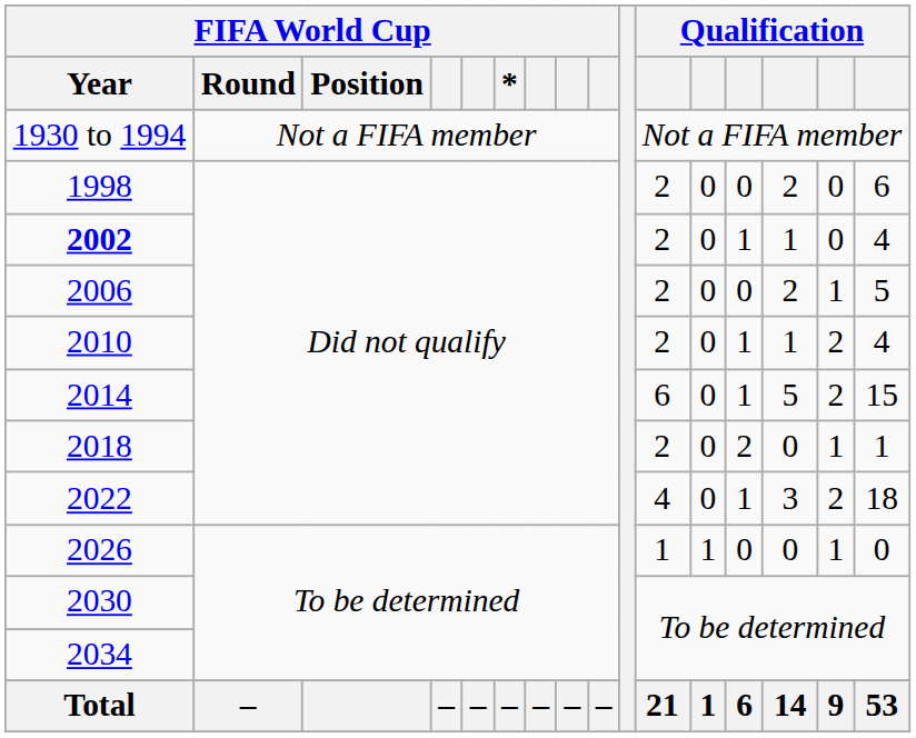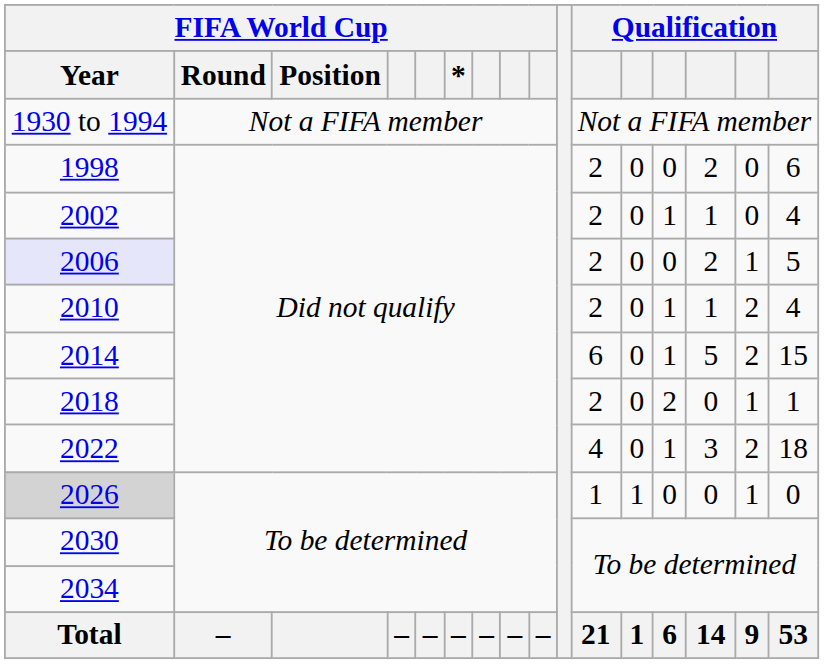 <table class="wikitable" style="text-align: center;">
 <tr>
 <th colspan=9><a href='#'>FIFA World Cup</a></th>
 <th rowspan=14></th>
 <th colspan=6><a href='#'>Qualification</a></th>
 </tr>
 <tr>
 <th>Year</th>
 <th>Round</th>
 <th>Position</th>
 <th></th>
 <th></th>
 <th>*</th>
 <th></th>
 <th></th>
 <th></th>
 <th></th>
 <th></th>
 <th></th>
 <th></th>
 <th></th>
 <th></th>
 </tr>
 <tr>
 <td><a href='#'>1930</a> to <a href='#'>1994</a></td>
 <td colspan=8><em>Not a FIFA member</em></td>
 <td colspan=6><em>Not a FIFA member</em></td>
 </tr>
 <tr>
 <td> <a href='#'>1998</a></td>
 <td colspan=8 rowspan=7><em>Did not qualify</em></td>
 <td>2</td>
 <td>0</td>
 <td>0</td>
 <td>2</td>
 <td>0</td>
 <td>6</td>
 </tr>
 <tr>
-<td><strong>  <a href='#'>2002</a></strong></td>
+<td>  <a href='#'>2002</a></td>
 <td>2</td>
 <td>0</td>
 <td>1</td>
 <td>1</td>
 <td>0</td>
 <td>4</td>
 </tr>
 <tr>
-<td> <a href='#'>2006</a></td>
+<td style="background: lavender;"> <a href='#'>2006</a></td>
 <td>2</td>
 <td>0</td>
 <td>0</td>
 <td>2</td>
 <td>1</td>
 <td>5</td>
 </tr>
 <tr>
 <td> <a href='#'>2010</a></td>
 <td>2</td>
 <td>0</td>
 <td>1</td>
 <td>1</td>
 <td>2</td>
 <td>4</td>
 </tr>
 <tr>
 <td> <a href='#'>2014</a></td>
 <td>6</td>
 <td>0</td>
 <td>1</td>
 <td>5</td>
 <td>2</td>
 <td>15</td>
 </tr>
 <tr>
 <td> <a href='#'>2018</a></td>
 <td>2</td>
 <td>0</td>
 <td>2</td>
 <td>0</td>
 <td>1</td>
 <td>1</td>
 </tr>
 <tr>
 <td> <a href='#'>2022</a></td>
 <td>4</td>
 <td>0</td>
 <td>1</td>
 <td>3</td>
 <td>2</td>
 <td>18</td>
 </tr>
 <tr>
-<td>   <a href='#'>2026</a></td>
+<td style="background: lightgrey;">   <a href='#'>2026</a></td>
 <td colspan=8 rowspan=3><em>To be determined</em></td>
 <td>1</td>
 <td>1</td>
 <td>0</td>
 <td>0</td>
 <td>1</td>
 <td>0</td>
 </tr>
 <tr>
 <td>   <a href='#'>2030</a></td>
 <td colspan=6 rowspan=2><em>To be determined</em></td>
 </tr>
 <tr>
 <td> <a href='#'>2034</a></td>
 </tr>
 <tr>
 <th>Total</th>
 <th>–</th>
 <th></th>
 <th>–</th>
 <th>–</th>
 <th>–</th>
 <th>–</th>
 <th>–</th>
 <th>–</th>
 <th>21</th>
 <th>1</th>
 <th>6</th>
 <th>14</th>
 <th>9</th>
 <th>53</th>
 </tr>
 </table>
